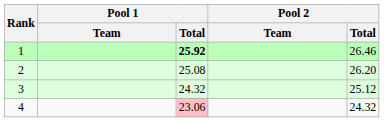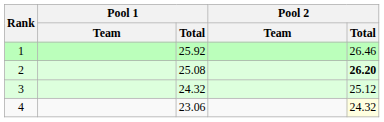 <table class="wikitable" style="text-align:center;">
 <tr>
 <th rowspan=2>Rank</th>
 <th colspan=2>Pool 1</th>
 <th colspan=2>Pool 2</th>
 </tr>
 <tr>
 <th width=180>Team</th>
 <th>Total</th>
 <th width=180>Team</th>
 <th>Total</th>
 </tr>
 <tr bgcolor=bbffbb>
 <td>1</td>
 <td align=left></td>
-<td><strong>25.92</strong></td>
+<td>25.92</td>
 <td align=left></td>
 <td>26.46</td>
 </tr>
 <tr bgcolor=ddffdd>
 <td>2</td>
 <td align=left></td>
 <td>25.08</td>
 <td align=left></td>
-<td>26.20</td>
+<td><strong>26.20</strong></td>
 </tr>
 <tr bgcolor=ddffdd>
 <td>3</td>
 <td align=left></td>
 <td>24.32</td>
 <td align=left></td>
 <td>25.12</td>
 </tr>
 <tr>
 <td>4</td>
 <td align=left></td>
-<td style="background: pink;">23.06</td>
+<td>23.06</td>
 <td align=left></td>
-<td>24.32</td>
+<td style="background: lightyellow;">24.32</td>
 </tr>
 </table>
